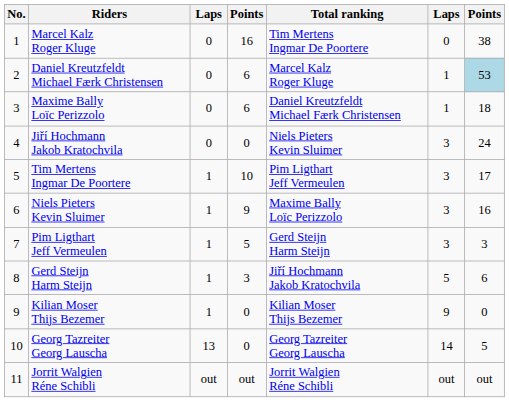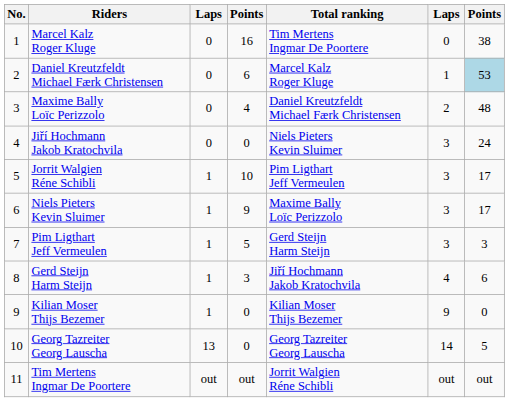 <table class="wikitable">
 <tr>
 <th width="20px">No.</th>
 <th width="200px">Riders</th>
 <th width="40px">Laps</th>
 <th width="40px">Points</th>
 <th width="200px">Total ranking</th>
 <th width="40px">Laps</th>
 <th width="40px">Points</th>
 </tr>
 <tr align=center>
 <td>1</td>
 <td align=left> <a href='#'>Marcel Kalz</a><br>  <a href='#'>Roger Kluge</a></td>
 <td>0</td>
 <td>16</td>
 <td align=left> <a href='#'>Tim Mertens</a><br>  <a href='#'>Ingmar De Poortere</a></td>
 <td>0</td>
 <td>38</td>
 </tr>
 <tr align=center>
 <td>2</td>
 <td align=left> <a href='#'>Daniel Kreutzfeldt</a><br>  <a href='#'>Michael Færk Christensen</a></td>
 <td>0</td>
 <td>6</td>
 <td align=left> <a href='#'>Marcel Kalz</a><br>  <a href='#'>Roger Kluge</a></td>
 <td>1</td>
 <td style="background: lightblue;">53</td>
 </tr>
 <tr align=center>
 <td>3</td>
 <td align=left> <a href='#'>Maxime Bally</a><br>  <a href='#'>Loïc Perizzolo</a></td>
 <td>0</td>
-<td>6</td>
+<td>4</td>
 <td align=left> <a href='#'>Daniel Kreutzfeldt</a><br>  <a href='#'>Michael Færk Christensen</a></td>
-<td>1</td>
-<td>18</td>
+<td>2</td>
+<td>48</td>
 </tr>
 <tr align=center>
 <td>4</td>
 <td align=left> <a href='#'>Jiří Hochmann</a><br>  <a href='#'>Jakob Kratochvila</a></td>
 <td>0</td>
 <td>0</td>
 <td align=left> <a href='#'>Niels Pieters</a><br>  <a href='#'>Kevin Sluimer</a></td>
 <td>3</td>
 <td>24</td>
 </tr>
 <tr align=center>
 <td>5</td>
-<td align=left> <a href='#'>Tim Mertens</a><br>  <a href='#'>Ingmar De Poortere</a></td>
+<td align=left> <a href='#'>Jorrit Walgien</a><br>  <a href='#'>Réne Schibli</a></td>
 <td>1</td>
 <td>10</td>
 <td align=left> <a href='#'>Pim Ligthart</a><br>  <a href='#'>Jeff Vermeulen</a></td>
 <td>3</td>
 <td>17</td>
 </tr>
 <tr align=center>
 <td>6</td>
 <td align=left> <a href='#'>Niels Pieters</a><br>  <a href='#'>Kevin Sluimer</a></td>
 <td>1</td>
 <td>9</td>
 <td align=left> <a href='#'>Maxime Bally</a><br>  <a href='#'>Loïc Perizzolo</a></td>
 <td>3</td>
-<td>16</td>
+<td>17</td>
 </tr>
 <tr align=center>
 <td>7</td>
 <td align=left> <a href='#'>Pim Ligthart</a><br>  <a href='#'>Jeff Vermeulen</a></td>
 <td>1</td>
 <td>5</td>
 <td align=left> <a href='#'>Gerd Steijn</a><br>  <a href='#'>Harm Steijn</a></td>
 <td>3</td>
 <td>3</td>
 </tr>
 <tr align=center>
 <td>8</td>
 <td align=left> <a href='#'>Gerd Steijn</a><br>  <a href='#'>Harm Steijn</a></td>
 <td>1</td>
 <td>3</td>
 <td align=left> <a href='#'>Jiří Hochmann</a><br>  <a href='#'>Jakob Kratochvila</a></td>
-<td>5</td>
+<td>4</td>
 <td>6</td>
 </tr>
 <tr align=center>
 <td>9</td>
 <td align=left> <a href='#'>Kilian Moser</a><br>  <a href='#'>Thijs Bezemer</a></td>
 <td>1</td>
 <td>0</td>
 <td align=left> <a href='#'>Kilian Moser</a><br>  <a href='#'>Thijs Bezemer</a></td>
 <td>9</td>
 <td>0</td>
 </tr>
 <tr align=center>
 <td>10</td>
 <td align=left> <a href='#'>Georg Tazreiter</a><br>  <a href='#'>Georg Lauscha</a></td>
 <td>13</td>
 <td>0</td>
 <td align=left> <a href='#'>Georg Tazreiter</a><br>  <a href='#'>Georg Lauscha</a></td>
 <td>14</td>
 <td>5</td>
 </tr>
 <tr align=center>
 <td>11</td>
-<td align=left> <a href='#'>Jorrit Walgien</a><br>  <a href='#'>Réne Schibli</a></td>
+<td align=left> <a href='#'>Tim Mertens</a><br>  <a href='#'>Ingmar De Poortere</a></td>
 <td>out</td>
 <td>out</td>
 <td align=left> <a href='#'>Jorrit Walgien</a><br>  <a href='#'>Réne Schibli</a></td>
 <td>out</td>
 <td>out</td>
 </tr>
 </table>
